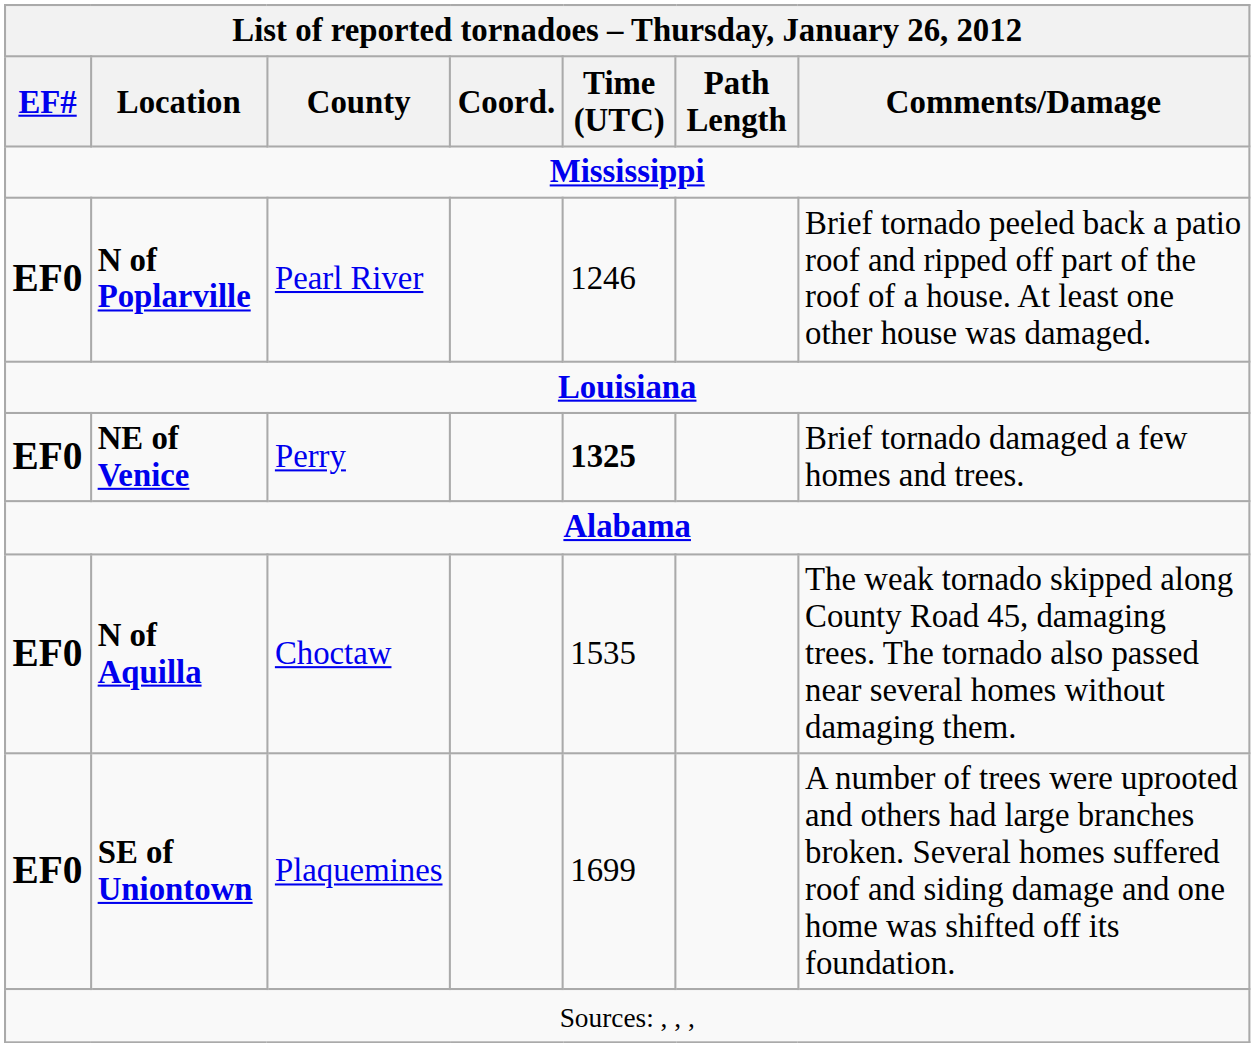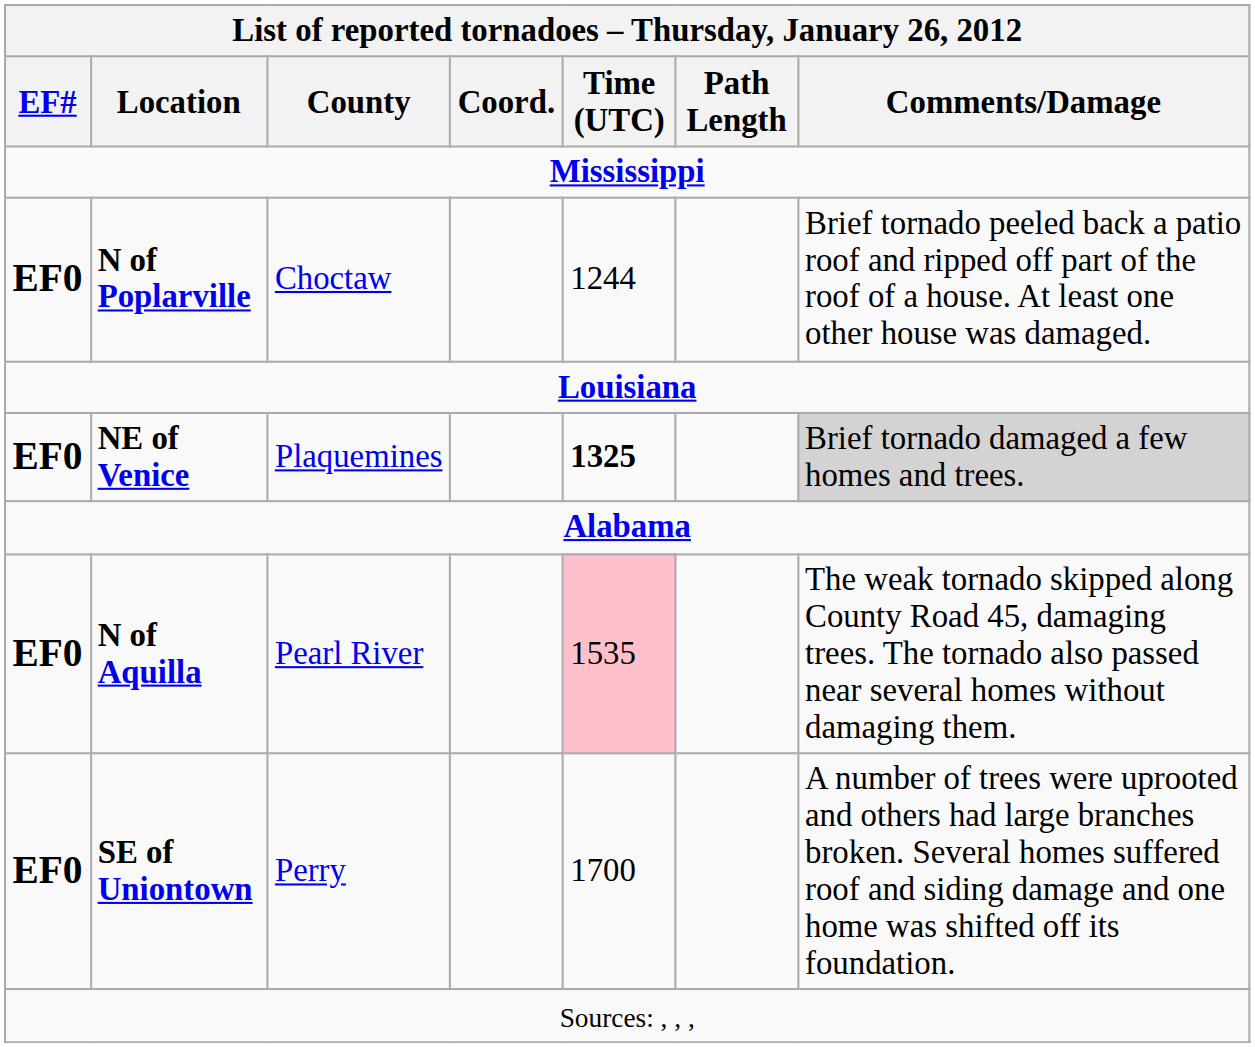 <table class="wikitable collapsible" width"100%">
 <tr>
 <th colspan="7">List of reported tornadoes – Thursday, January 26, 2012</th>
 </tr>
 <tr>
 <th><a href='#'>EF#</a></th>
 <th>Location</th>
 <th>County</th>
 <th>Coord.</th>
 <th>Time (UTC)</th>
 <th>Path Length</th>
 <th>Comments/Damage</th>
 </tr>
 <tr>
 <td colspan="7" style="text-align:center;"><strong><a href='#'>Mississippi</a></strong></td>
 </tr>
 <tr>
 <td><big><strong>EF0</strong></big></td>
 <td><strong>N of <a href='#'>Poplarville</a></strong></td>
-<td><a href='#'>Pearl River</a></td>
+<td><a href='#'>Choctaw</a></td>
 <td></td>
-<td>1246</td>
+<td>1244</td>
 <td></td>
 <td>Brief tornado peeled back a patio roof and ripped off part of the roof of a house. At least one other house was damaged.</td>
 </tr>
 <tr>
 <td colspan="7" style="text-align:center;"><strong><a href='#'>Louisiana</a></strong></td>
 </tr>
 <tr>
 <td><big><strong>EF0</strong></big></td>
 <td><strong>NE of <a href='#'>Venice</a></strong></td>
-<td><a href='#'>Perry</a></td>
+<td><a href='#'>Plaquemines</a></td>
 <td></td>
 <td><strong>1325</strong></td>
 <td></td>
-<td>Brief tornado damaged a few homes and trees.</td>
+<td style="background: lightgrey;">Brief tornado damaged a few homes and trees.</td>
 </tr>
 <tr>
 <td colspan="7" style="text-align:center;"><strong><a href='#'>Alabama</a></strong></td>
 </tr>
 <tr>
 <td><big><strong>EF0</strong></big></td>
 <td><strong>N of <a href='#'>Aquilla</a></strong></td>
-<td><a href='#'>Choctaw</a></td>
+<td><a href='#'>Pearl River</a></td>
 <td></td>
-<td>1535</td>
+<td style="background: pink;">1535</td>
 <td></td>
 <td>The weak tornado skipped along County Road 45, damaging trees. The tornado also passed near several homes without damaging them.</td>
 </tr>
 <tr>
 <td><big><strong>EF0</strong></big></td>
 <td><strong>SE of <a href='#'>Uniontown</a></strong></td>
-<td><a href='#'>Plaquemines</a></td>
+<td><a href='#'>Perry</a></td>
 <td></td>
-<td>1699</td>
+<td>1700</td>
 <td></td>
 <td>A number of trees were uprooted and others had large branches broken. Several homes suffered roof and siding damage and one home was shifted off its foundation.</td>
 </tr>
 <tr>
 <td colspan="7" style="text-align:center;"><small>Sources: , , , </small></td>
 </tr>
 </table>
